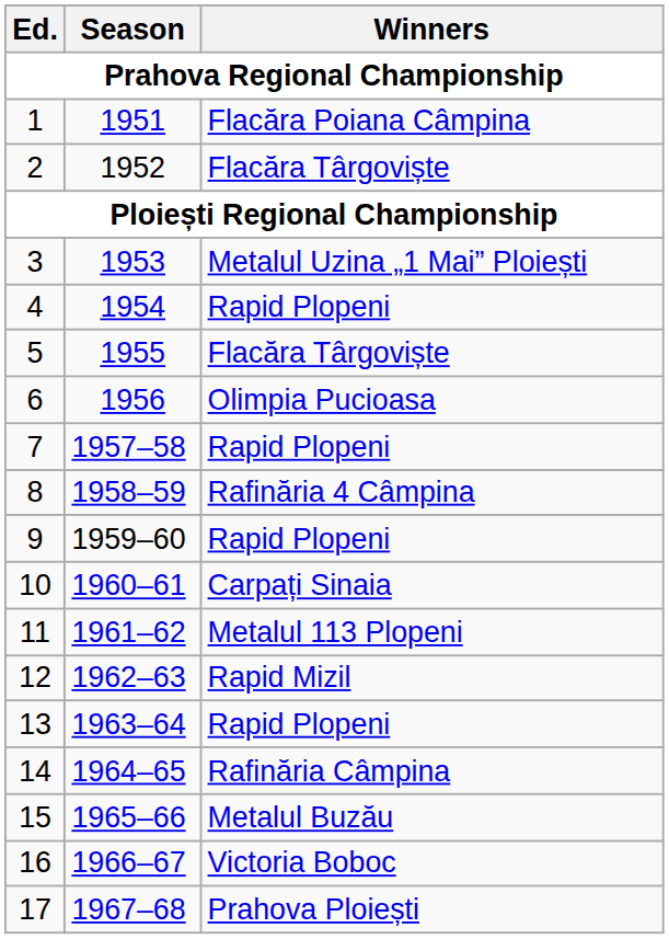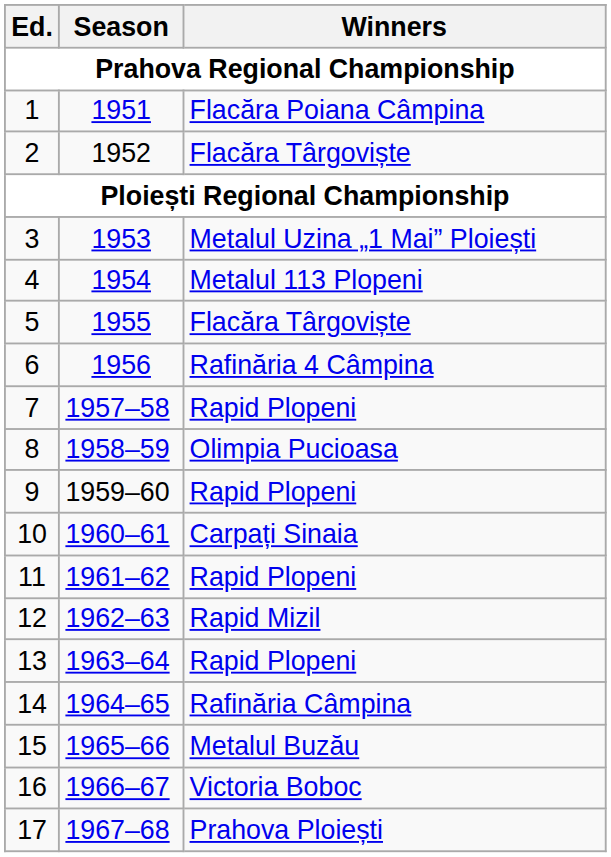 <table class="wikitable" style="font-size:90%">
 <tr>
 <th><abbr>Ed.</abbr></th>
 <th width="60">Season</th>
 <th width="220">Winners</th>
 </tr>
 <tr>
 <th colspan="3" style="background:#ffffff">Prahova Regional Championship</th>
 </tr>
 <tr>
 <td align=center>1</td>
 <td style="text-align:center"><a href='#'>1951</a></td>
 <td><a href='#'>Flacăra Poiana Câmpina</a></td>
 </tr>
 <tr>
 <td align=center>2</td>
 <td align=center>1952</td>
 <td><a href='#'>Flacăra Târgoviște</a></td>
 </tr>
 <tr>
 <th colspan="3" style="background:#ffffff">Ploiești Regional Championship</th>
 </tr>
 <tr>
 <td align=center>3</td>
 <td align=center><a href='#'>1953</a></td>
 <td><a href='#'>Metalul Uzina „1 Mai” Ploiești</a></td>
 </tr>
 <tr>
 <td align=center>4</td>
 <td align=center><a href='#'>1954</a></td>
-<td><a href='#'>Rapid Plopeni</a></td>
+<td><a href='#'>Metalul 113 Plopeni</a></td>
 </tr>
 <tr>
 <td align=center>5</td>
 <td align=center><a href='#'>1955</a></td>
 <td><a href='#'>Flacăra Târgoviște</a></td>
 </tr>
 <tr>
 <td align=center>6</td>
 <td align=center><a href='#'>1956</a></td>
-<td><a href='#'>Olimpia Pucioasa</a></td>
+<td><a href='#'>Rafinăria 4 Câmpina</a></td>
 </tr>
 <tr>
 <td align=center>7</td>
 <td><a href='#'>1957–58</a></td>
 <td><a href='#'>Rapid Plopeni</a></td>
 </tr>
 <tr>
 <td align=center>8</td>
 <td><a href='#'>1958–59</a></td>
-<td><a href='#'>Rafinăria 4 Câmpina</a></td>
+<td><a href='#'>Olimpia Pucioasa</a></td>
 </tr>
 <tr>
 <td align=center>9</td>
 <td>1959–60</td>
 <td><a href='#'>Rapid Plopeni</a></td>
 </tr>
 <tr>
 <td align=center>10</td>
 <td><a href='#'>1960–61</a></td>
 <td><a href='#'>Carpați Sinaia</a></td>
 </tr>
 <tr>
 <td align=center>11</td>
 <td><a href='#'>1961–62</a></td>
-<td><a href='#'>Metalul 113 Plopeni</a></td>
+<td><a href='#'>Rapid Plopeni</a></td>
 </tr>
 <tr>
 <td align=center>12</td>
 <td><a href='#'>1962–63</a></td>
 <td><a href='#'>Rapid Mizil</a></td>
 </tr>
 <tr>
 <td align=center>13</td>
 <td><a href='#'>1963–64</a></td>
 <td><a href='#'>Rapid Plopeni</a></td>
 </tr>
 <tr>
 <td align=center>14</td>
 <td><a href='#'>1964–65</a></td>
 <td><a href='#'>Rafinăria Câmpina</a></td>
 </tr>
 <tr>
 <td align=center>15</td>
 <td><a href='#'>1965–66</a></td>
 <td><a href='#'>Metalul Buzău</a></td>
 </tr>
 <tr>
 <td align=center>16</td>
 <td><a href='#'>1966–67</a></td>
 <td><a href='#'>Victoria Boboc</a></td>
 </tr>
 <tr>
 <td align=center>17</td>
 <td><a href='#'>1967–68</a></td>
 <td><a href='#'>Prahova Ploiești</a></td>
 </tr>
 </table>
